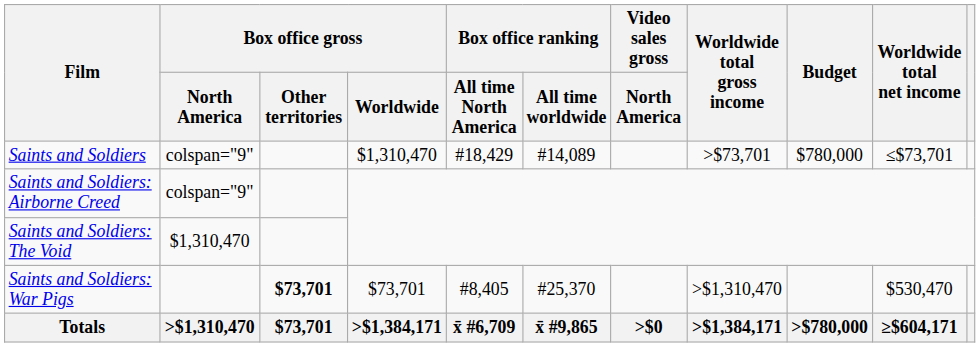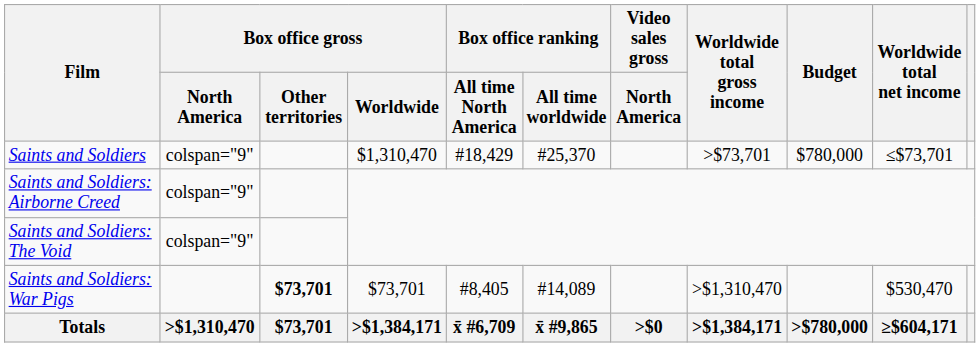 <table class="wikitable sortable" width=99% border="1" style="text-align: center;">
 <tr>
 <th rowspan="2" style="width:16%;">Film</th>
 <th colspan="3">Box office gross</th>
 <th colspan="2">Box office ranking</th>
 <th>Video <br>sales gross</th>
 <th rowspan="2">Worldwide total <br>gross income</th>
 <th rowspan="2">Budget</th>
 <th rowspan="2">Worldwide total <br>net income</th>
 <th rowspan="2"></th>
 </tr>
 <tr>
 <th>North America</th>
 <th>Other territories</th>
 <th>Worldwide</th>
 <th>All time <br>North America</th>
 <th>All time <br>worldwide</th>
 <th>North America</th>
 </tr>
 <tr>
 <td style="text-align: left;"><em><a href='#'>Saints and Soldiers</a></em></td>
 <td>colspan="9" </td>
 <td></td>
 <td>$1,310,470</td>
 <td>#18,429</td>
-<td>#14,089</td>
+<td>#25,370</td>
 <td></td>
 <td>>$73,701</td>
 <td>$780,000</td>
 <td>≤$73,701</td>
 <td></td>
 </tr>
 <tr>
 <td style="text-align: left;"><em><a href='#'>Saints and Soldiers: Airborne Creed</a></em></td>
 <td>colspan="9" </td>
 <td></td>
 </tr>
 <tr>
 <td style="text-align: left;"><em><a href='#'>Saints and Soldiers: The Void</a></em></td>
-<td>$1,310,470</td>
+<td>colspan="9" </td>
 <td></td>
 </tr>
 <tr>
 <td style="text-align: left;"><em><a href='#'>Saints and Soldiers: War Pigs</a></em></td>
 <td></td>
 <td><strong>$73,701</strong></td>
 <td>$73,701</td>
 <td>#8,405</td>
-<td>#25,370</td>
+<td>#14,089</td>
 <td></td>
 <td>>$1,310,470</td>
 <td></td>
 <td>$530,470</td>
 <td></td>
 </tr>
 <tr>
 <th>Totals</th>
 <th>>$1,310,470</th>
 <th>$73,701</th>
 <th>>$1,384,171</th>
 <th>x̄ #6,709</th>
 <th>x̄ #9,865</th>
 <th>>$0</th>
 <th>>$1,384,171</th>
 <th>>$780,000</th>
 <th>≥$604,171</th>
 <th></th>
 </tr>
 </table>
